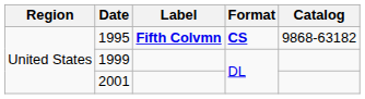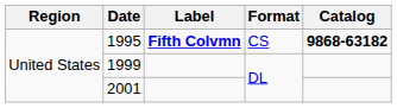 <table class="wikitable">
 <tr>
 <th>Region</th>
 <th>Date</th>
 <th>Label</th>
 <th>Format</th>
 <th>Catalog</th>
 </tr>
 <tr>
 <td rowspan="3">United States</td>
 <td>1995</td>
 <td><strong><a href='#'>Fifth Colvmn</a></strong></td>
-<td><strong><a href='#'>CS</a></strong></td>
-<td>9868-63182</td>
+<td><a href='#'>CS</a></td>
+<td><strong>9868-63182</strong></td>
 </tr>
 <tr>
 <td>1999</td>
 <td></td>
 <td rowspan="2"><a href='#'>DL</a></td>
 <td></td>
 </tr>
 <tr>
 <td>2001</td>
 <td></td>
 <td></td>
 </tr>
 </table>
